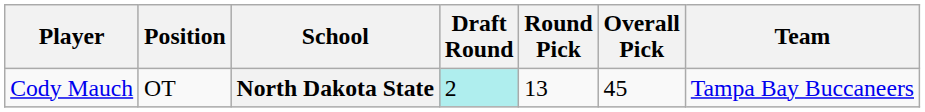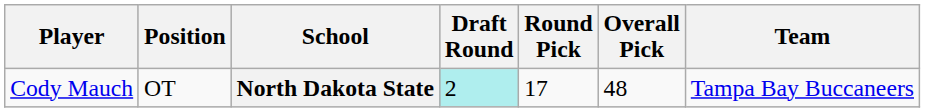 <table class="wikitable sortable" border="1">
 <tr>
 <th>Player</th>
 <th>Position</th>
 <th>School</th>
 <th>Draft<br>Round</th>
 <th>Round<br>Pick</th>
 <th>Overall<br>Pick</th>
 <th>Team</th>
 </tr>
 <tr>
 <td><a href='#'>Cody Mauch</a></td>
 <td>OT</td>
 <th>North Dakota State</th>
 <td style="background: paleturquoise;">2</td>
-<td>13</td>
-<td>45</td>
+<td>17</td>
+<td>48</td>
 <td><a href='#'>Tampa Bay Buccaneers</a></td>
 </tr>
 </table>
